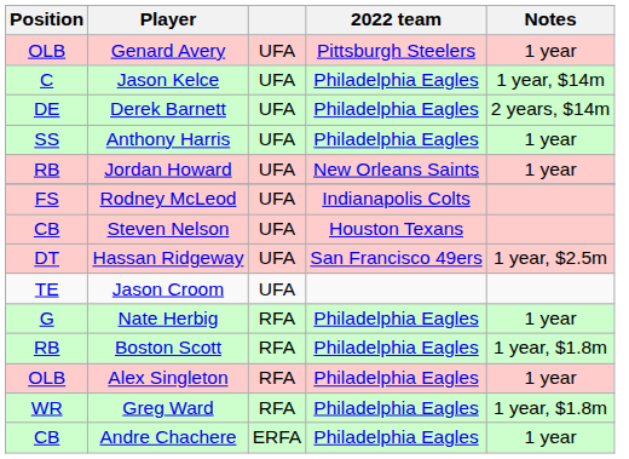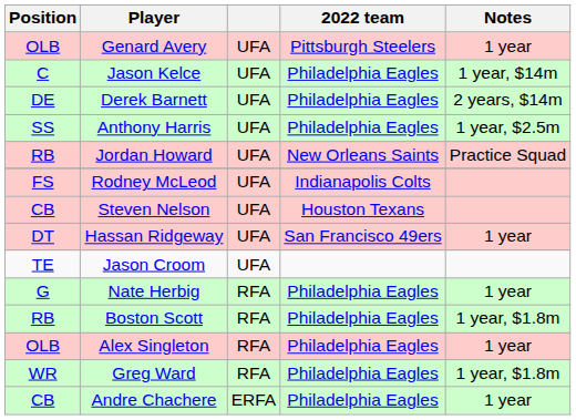 <table class="wikitable" style="text-align:center">
 <tr>
 <th>Position</th>
 <th>Player</th>
 <th></th>
 <th>2022 team</th>
 <th>Notes</th>
 </tr>
 <tr style="background:#fcc">
 <td><a href='#'>OLB</a></td>
 <td><a href='#'>Genard Avery</a></td>
 <td>UFA</td>
 <td><a href='#'>Pittsburgh Steelers</a></td>
 <td>1 year</td>
 </tr>
 <tr style="background:#cfc">
 <td><a href='#'>C</a></td>
 <td><a href='#'>Jason Kelce</a></td>
 <td>UFA</td>
 <td><a href='#'>Philadelphia Eagles</a></td>
 <td>1 year, $14m</td>
 </tr>
 <tr style="background:#cfc">
 <td><a href='#'>DE</a></td>
 <td><a href='#'>Derek Barnett</a></td>
 <td>UFA</td>
 <td><a href='#'>Philadelphia Eagles</a></td>
 <td>2 years, $14m</td>
 </tr>
 <tr style="background:#cfc">
 <td><a href='#'>SS</a></td>
 <td><a href='#'>Anthony Harris</a></td>
 <td>UFA</td>
 <td><a href='#'>Philadelphia Eagles</a></td>
-<td>1 year</td>
+<td>1 year, $2.5m</td>
 </tr>
 <tr style="background:#fcc">
 <td><a href='#'>RB</a></td>
 <td><a href='#'>Jordan Howard</a></td>
 <td>UFA</td>
 <td><a href='#'>New Orleans Saints</a></td>
-<td>1 year</td>
+<td>Practice Squad</td>
 </tr>
 <tr>
 </tr>
 <tr style="background:#fcc">
 <td><a href='#'>FS</a></td>
 <td><a href='#'>Rodney McLeod</a></td>
 <td>UFA</td>
 <td><a href='#'>Indianapolis Colts</a></td>
 <td></td>
 </tr>
 <tr style="background:#fcc">
 <td><a href='#'>CB</a></td>
 <td><a href='#'>Steven Nelson</a></td>
 <td>UFA</td>
 <td><a href='#'>Houston Texans</a></td>
 <td></td>
 </tr>
 <tr style="background:#fcc">
 <td><a href='#'>DT</a></td>
 <td><a href='#'>Hassan Ridgeway</a></td>
 <td>UFA</td>
 <td><a href='#'>San Francisco 49ers</a></td>
-<td>1 year, $2.5m</td>
+<td>1 year</td>
 </tr>
 <tr>
 <td><a href='#'>TE</a></td>
 <td><a href='#'>Jason Croom</a></td>
 <td>UFA</td>
 <td></td>
 <td></td>
 </tr>
 <tr style="background:#cfc">
 <td><a href='#'>G</a></td>
 <td><a href='#'>Nate Herbig</a></td>
 <td>RFA</td>
 <td><a href='#'>Philadelphia Eagles</a></td>
 <td>1 year</td>
 </tr>
 <tr style="background:#cfc">
 <td><a href='#'>RB</a></td>
 <td><a href='#'>Boston Scott</a></td>
 <td>RFA</td>
 <td><a href='#'>Philadelphia Eagles</a></td>
 <td>1 year, $1.8m</td>
 </tr>
 <tr style="background:#fcc">
 <td><a href='#'>OLB</a></td>
 <td><a href='#'>Alex Singleton</a></td>
 <td>RFA</td>
 <td><a href='#'>Philadelphia Eagles</a></td>
 <td>1 year</td>
 </tr>
 <tr style="background:#cfc">
 <td><a href='#'>WR</a></td>
 <td><a href='#'>Greg Ward</a></td>
 <td>RFA</td>
 <td><a href='#'>Philadelphia Eagles</a></td>
 <td>1 year, $1.8m</td>
 </tr>
 <tr style="background:#cfc">
 <td><a href='#'>CB</a></td>
 <td><a href='#'>Andre Chachere</a></td>
 <td>ERFA</td>
 <td><a href='#'>Philadelphia Eagles</a></td>
 <td>1 year</td>
 </tr>
 </table>
